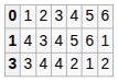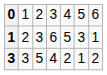 <table class=wikitable>
 <tr>
 <th>0</th>
 <td>1</td>
 <td>2</td>
 <td>3</td>
 <td>4</td>
 <td>5</td>
 <td>6</td>
 </tr>
 <tr>
 <th>1</th>
-<td>4</td>
+<td>2</td>
 <td>3</td>
-<td>4</td>
+<td>6</td>
 <td>5</td>
-<td>6</td>
+<td>3</td>
 <td>1</td>
 </tr>
 <tr>
 <th>3</th>
 <td>3</td>
-<td>4</td>
+<td>5</td>
 <td>4</td>
 <td>2</td>
 <td>1</td>
 <td>2</td>
 </tr>
 </table>
